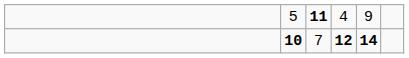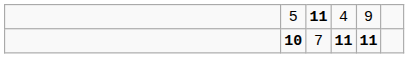 <table class="wikitable">
 <tr>
 <td style="width:18em"></td>
 <td align=center style="width:1em">5</td>
 <td align=center style="width:1em"><strong>11</strong></td>
 <td align=center style="width:1em">4</td>
 <td align=center style="width:1em">9</td>
 <td align=center style="width:1em"></td>
 </tr>
 <tr>
 <td style="width:18em"></td>
 <td align=center style="width:1em"><strong>10</strong></td>
 <td align=center style="width:1em">7</td>
-<td align=center style="width:1em"><strong>12</strong></td>
-<td align=center style="width:1em"><strong>14</strong></td>
+<td align=center style="width:1em"><strong>11</strong></td>
+<td align=center style="width:1em"><strong>11</strong></td>
 <td align=center style="width:1em"></td>
 </tr>
 </table>
